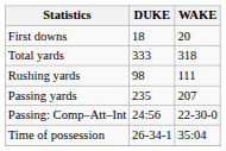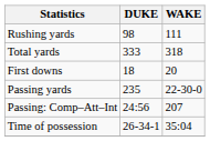 <table class="wikitable" style="float: left;">
 <tr>
 <th>Statistics</th>
 <th>DUKE</th>
 <th>WAKE</th>
 </tr>
 <tr>
-<td>First downs</td>
-<td>18</td>
-<td>20</td>
+<td>Rushing yards</td>
+<td>98</td>
+<td>111</td>
 </tr>
 <tr>
 <td>Total yards</td>
 <td>333</td>
 <td>318</td>
 </tr>
 <tr>
-<td>Rushing yards</td>
-<td>98</td>
-<td>111</td>
+<td>First downs</td>
+<td>18</td>
+<td>20</td>
 </tr>
 <tr>
 <td>Passing yards</td>
 <td>235</td>
-<td>207</td>
+<td>22-30-0</td>
 </tr>
 <tr>
 <td>Passing: Comp–Att–Int</td>
 <td>24:56</td>
-<td>22-30-0</td>
+<td>207</td>
 </tr>
 <tr>
 <td>Time of possession</td>
 <td>26-34-1</td>
 <td>35:04</td>
 </tr>
 <tr>
 </tr>
 </table>
